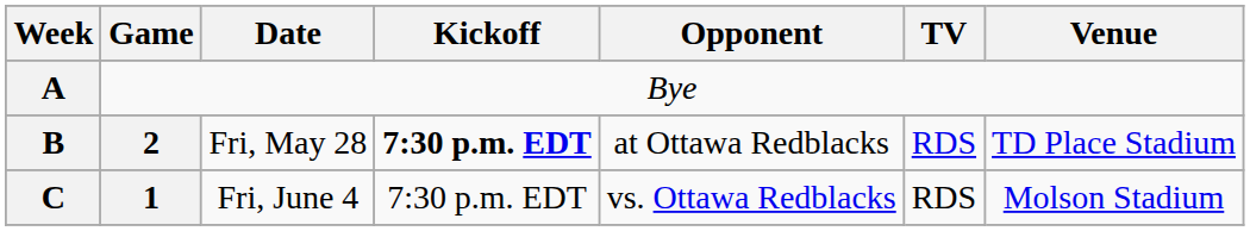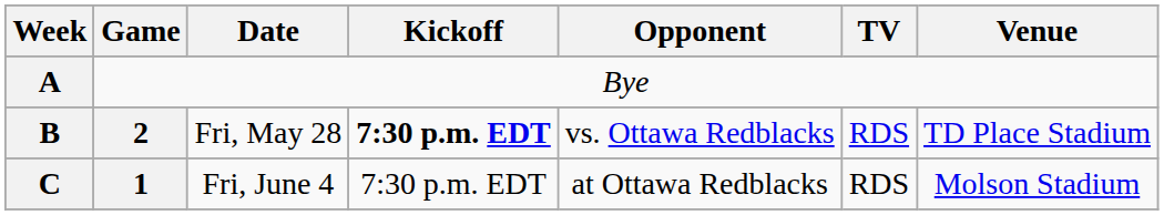 <table class="wikitable" style="font-size: 95%;">
 <tr>
 <th scope="col">Week</th>
 <th scope="col">Game</th>
 <th scope="col">Date</th>
 <th scope="col">Kickoff</th>
 <th scope="col">Opponent</th>
 <th scope="col">TV</th>
 <th scope="col">Venue</th>
 </tr>
 <tr style= bgcolor="ffffff">
 <th align="center">A</th>
 <td colspan=10 align="center" valign="middle"><em>Bye</em></td>
 </tr>
 <tr style= bgcolor="ffffff">
 <th align="center">B</th>
 <th align="center">2</th>
 <td align="center">Fri, May 28</td>
 <td align="center"><strong>7:30 p.m. <a href='#'>EDT</a></strong></td>
-<td align="center">at Ottawa Redblacks</td>
+<td align="center">vs. <a href='#'>Ottawa Redblacks</a></td>
 <td align="center"><a href='#'>RDS</a></td>
 <td align="center"><a href='#'>TD Place Stadium</a></td>
 </tr>
 <tr style= bgcolor="ffffff">
 <th align="center">C</th>
 <th align="center">1</th>
 <td align="center">Fri, June 4</td>
 <td align="center">7:30 p.m. EDT</td>
-<td align="center">vs. <a href='#'>Ottawa Redblacks</a></td>
+<td align="center">at Ottawa Redblacks</td>
 <td align="center">RDS</td>
 <td align="center"><a href='#'>Molson Stadium</a></td>
 </tr>
 </table>
